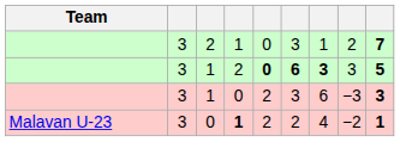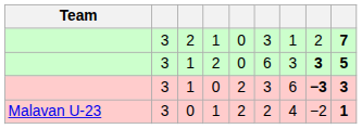 <table class="wikitable" style="text-align:center;">
 <tr>
 <th width=150>Team</th>
 <th width=20 abbr="Played"></th>
 <th width=20 abbr="Won"></th>
 <th width=20 abbr="Drawn"></th>
 <th width=20 abbr="Lost"></th>
 <th width=20 abbr="Goals for"></th>
 <th width=20 abbr="Goals against"></th>
 <th width=20 abbr="Goal difference"></th>
 <th width=20 abbr="Points"></th>
 </tr>
 <tr bgcolor="#ccffcc">
 <td align="left"></td>
 <td>3</td>
 <td>2</td>
 <td>1</td>
 <td>0</td>
 <td>3</td>
 <td>1</td>
 <td>2</td>
 <td><strong>7</strong></td>
 </tr>
 <tr bgcolor="#ccffcc">
 <td align="left"></td>
 <td>3</td>
 <td>1</td>
 <td>2</td>
-<td><strong>0</strong></td>
-<td><strong>6</strong></td>
+<td>0</td>
+<td>6</td>
+<td>3</td>
 <td><strong>3</strong></td>
-<td>3</td>
 <td><strong>5</strong></td>
 </tr>
 <tr bgcolor="#ffcccc">
 <td align="left"></td>
 <td>3</td>
 <td>1</td>
 <td>0</td>
 <td>2</td>
 <td>3</td>
 <td>6</td>
-<td>−3</td>
+<td><strong>−3</strong></td>
 <td><strong>3</strong></td>
 </tr>
 <tr bgcolor="#ffcccc">
 <td align="left"> <a href='#'>Malavan U-23</a></td>
 <td>3</td>
 <td>0</td>
-<td><strong>1</strong></td>
+<td>1</td>
 <td>2</td>
 <td>2</td>
 <td>4</td>
 <td>−2</td>
 <td><strong>1</strong></td>
 </tr>
 </table>
